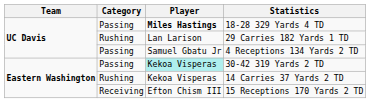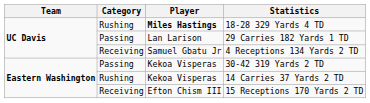 <table class="wikitable" style="float: right;">
 <tr>
 <th>Team</th>
 <th>Category</th>
 <th>Player</th>
 <th>Statistics</th>
 </tr>
 <tr>
 <td rowspan=3><strong>UC Davis</strong></td>
-<td>Passing</td>
+<td>Rushing</td>
 <td><strong>Miles Hastings</strong></td>
 <td>18-28 329 Yards 4 TD</td>
 </tr>
 <tr>
-<td>Rushing</td>
+<td>Passing</td>
 <td>Lan Larison</td>
 <td>29 Carries 182 Yards 1 TD</td>
 </tr>
 <tr>
-<td>Passing</td>
+<td>Receiving</td>
 <td>Samuel Gbatu Jr</td>
 <td>4 Receptions 134 Yards 2 TD</td>
 </tr>
 <tr>
 <td rowspan=3><strong>Eastern Washington</strong></td>
 <td>Passing</td>
-<td style="background: paleturquoise;">Kekoa Visperas</td>
+<td>Kekoa Visperas</td>
 <td>30-42 319 Yards 2 TD</td>
 </tr>
 <tr>
 <td>Rushing</td>
 <td>Kekoa Visperas</td>
 <td>14 Carries 37 Yards 2 TD</td>
 </tr>
 <tr>
 <td>Receiving</td>
 <td>Efton Chism III</td>
 <td>15 Receptions 170 Yards 2 TD</td>
 </tr>
 </table>
